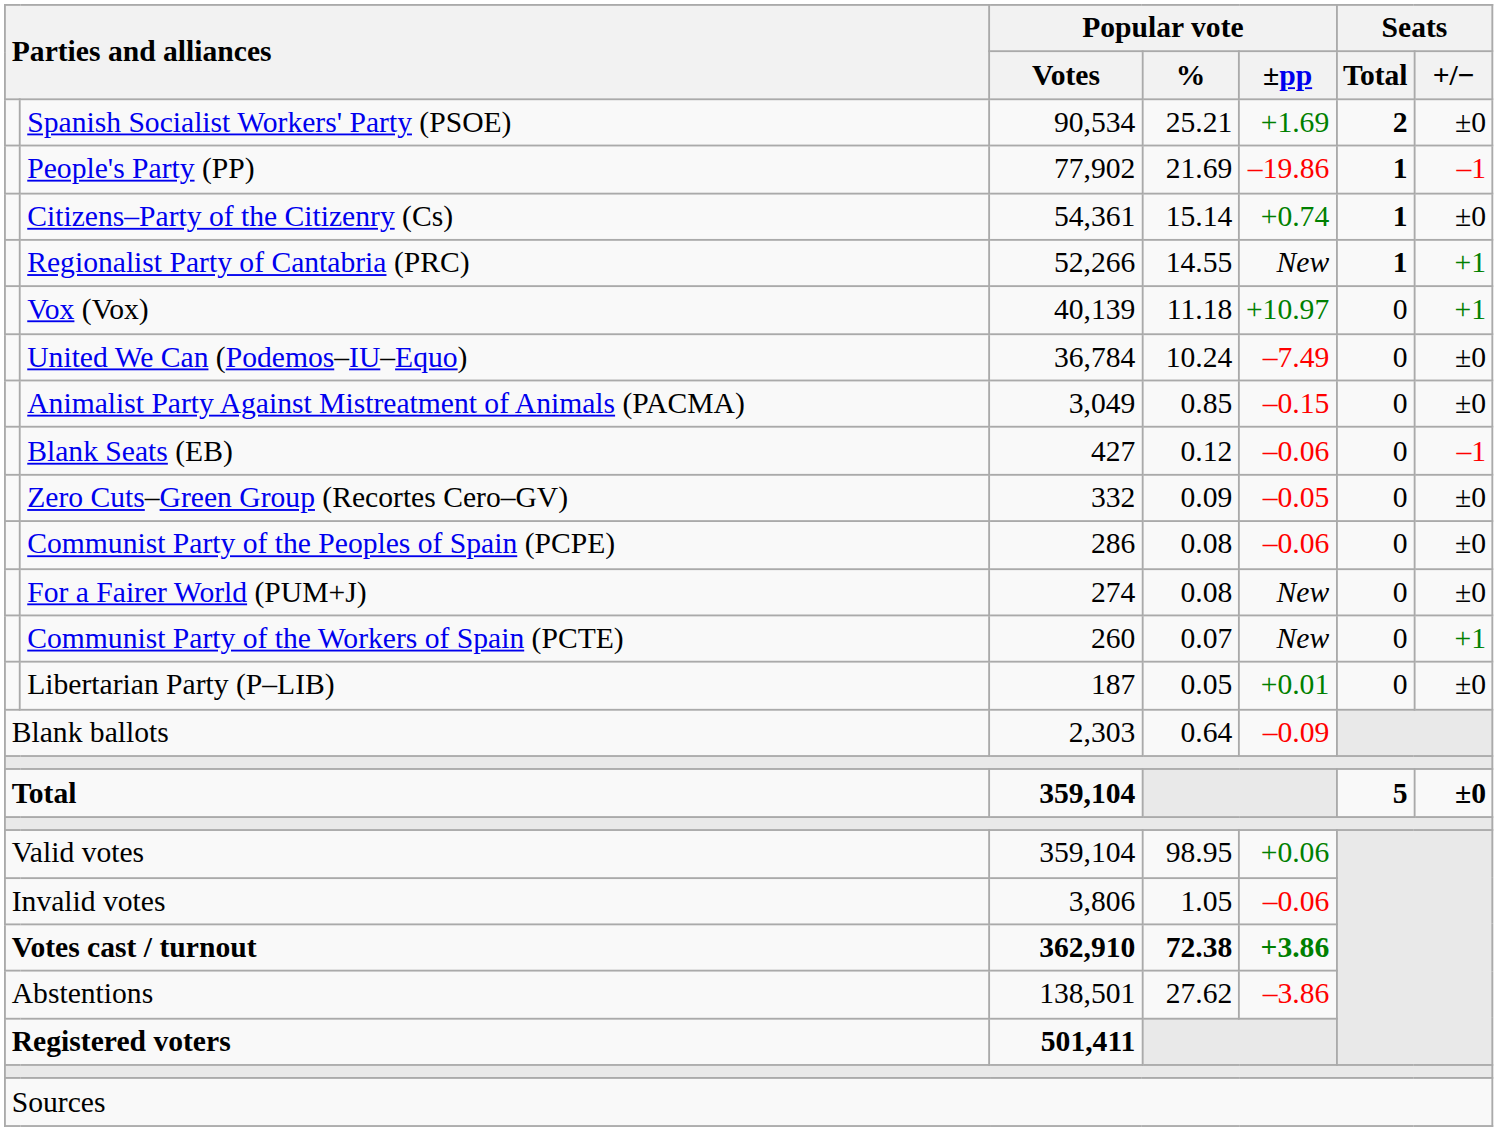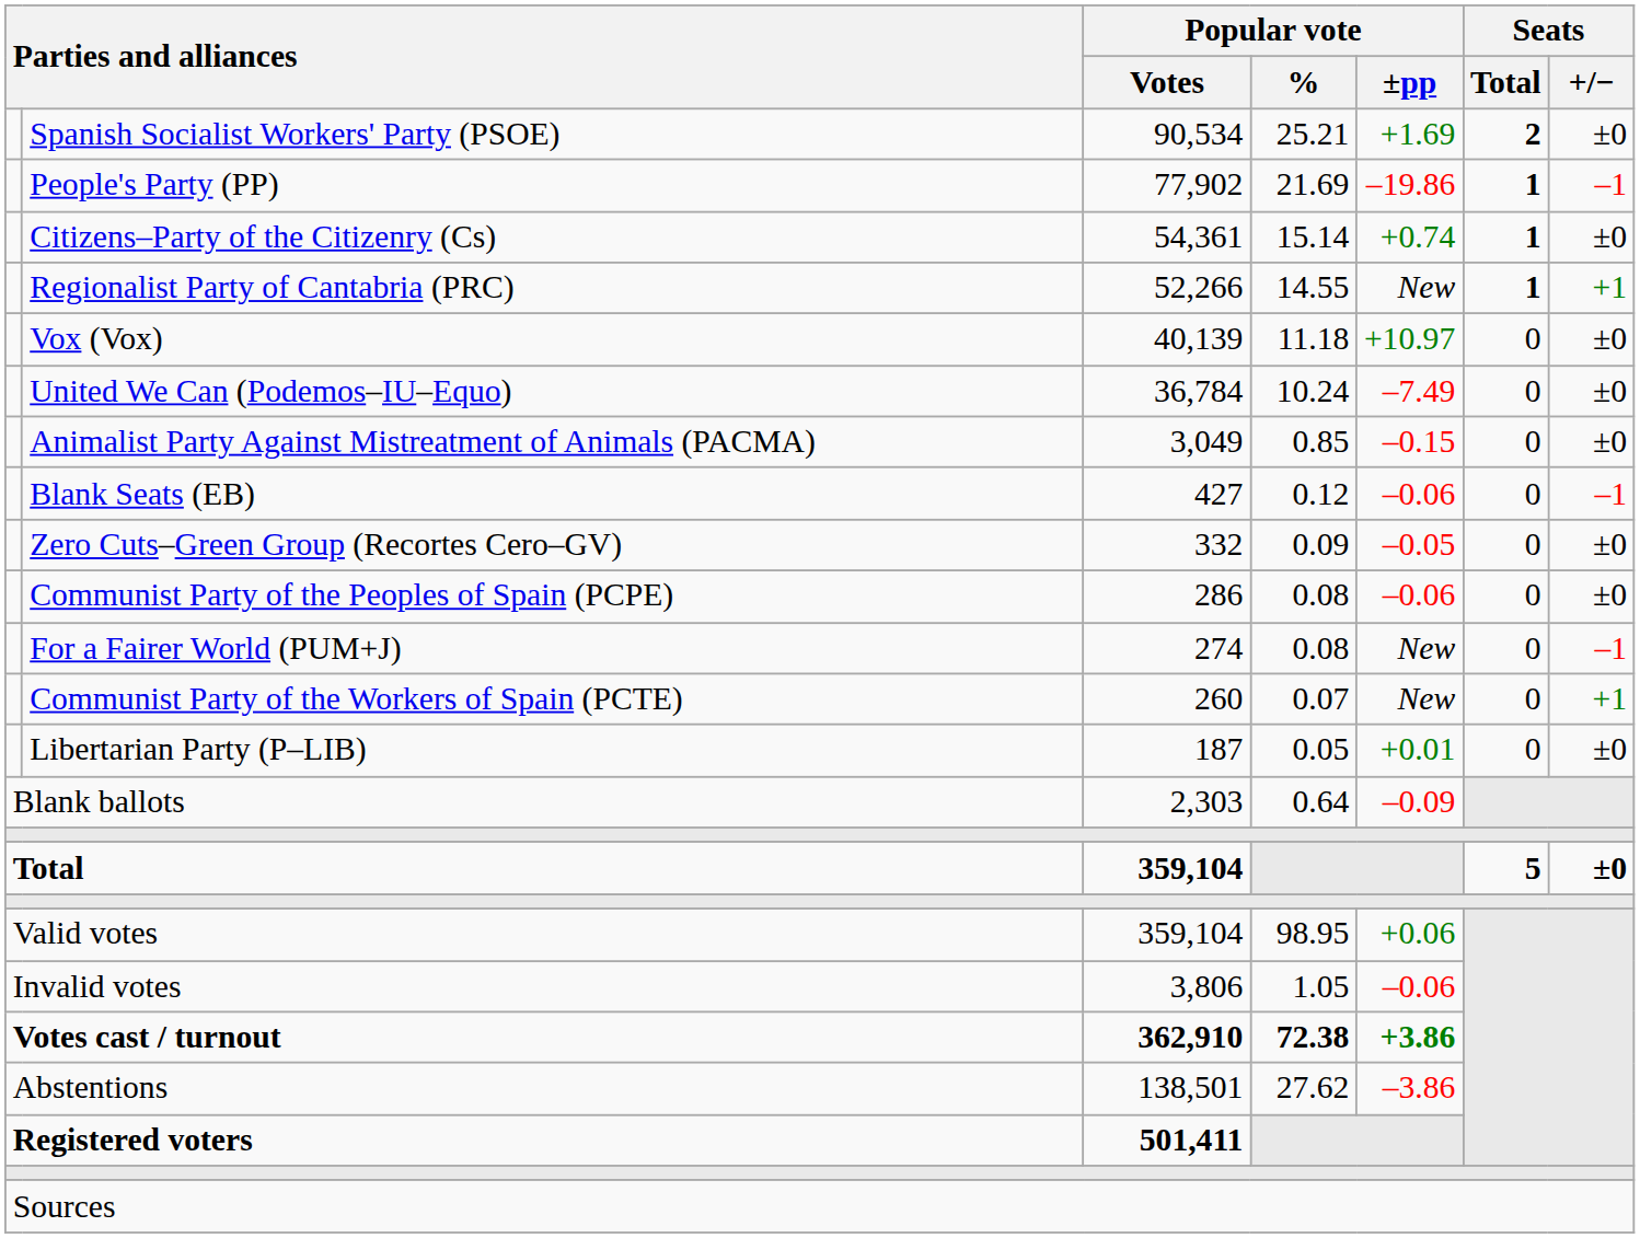 <table class="wikitable" style="text-align:right;">
 <tr>
 <th style="text-align:left;" rowspan="2" colspan="2" width="525">Parties and alliances</th>
 <th colspan="3">Popular vote</th>
 <th colspan="2">Seats</th>
 </tr>
 <tr>
 <th width="75">Votes</th>
 <th width="45">%</th>
 <th width="45">±<a href='#'>pp</a></th>
 <th width="35">Total</th>
 <th width="35">+/−</th>
 </tr>
 <tr>
 <td width="1" style="color:inherit;background:"></td>
 <td align="left"><a href='#'>Spanish Socialist Workers' Party</a> (PSOE)</td>
 <td>90,534</td>
 <td>25.21</td>
 <td style="color:green;">+1.69</td>
 <td><strong>2</strong></td>
 <td>±0</td>
 </tr>
 <tr>
 <td style="color:inherit;background:"></td>
 <td align="left"><a href='#'>People's Party</a> (PP)</td>
 <td>77,902</td>
 <td>21.69</td>
 <td style="color:red;">–19.86</td>
 <td><strong>1</strong></td>
 <td style="color:red;">–1</td>
 </tr>
 <tr>
 <td style="color:inherit;background:"></td>
 <td align="left"><a href='#'>Citizens–Party of the Citizenry</a> (Cs)</td>
 <td>54,361</td>
 <td>15.14</td>
 <td style="color:green;">+0.74</td>
 <td><strong>1</strong></td>
 <td>±0</td>
 </tr>
 <tr>
 <td style="color:inherit;background:"></td>
 <td align="left"><a href='#'>Regionalist Party of Cantabria</a> (PRC)</td>
 <td>52,266</td>
 <td>14.55</td>
 <td><em>New</em></td>
 <td><strong>1</strong></td>
 <td style="color:green;">+1</td>
 </tr>
 <tr>
 <td style="color:inherit;background:"></td>
 <td align="left"><a href='#'>Vox</a> (Vox)</td>
 <td>40,139</td>
 <td>11.18</td>
 <td style="color:green;">+10.97</td>
 <td>0</td>
-<td style="color:green;">+1</td>
+<td>±0</td>
 </tr>
 <tr>
 <td style="color:inherit;background:"></td>
 <td align="left"><a href='#'>United We Can</a> (<a href='#'>Podemos</a>–<a href='#'>IU</a>–<a href='#'>Equo</a>)</td>
 <td>36,784</td>
 <td>10.24</td>
 <td style="color:red;">–7.49</td>
 <td>0</td>
 <td>±0</td>
 </tr>
 <tr>
 <td style="color:inherit;background:"></td>
 <td align="left"><a href='#'>Animalist Party Against Mistreatment of Animals</a> (PACMA)</td>
 <td>3,049</td>
 <td>0.85</td>
 <td style="color:red;">–0.15</td>
 <td>0</td>
 <td>±0</td>
 </tr>
 <tr>
 <td style="color:inherit;background:"></td>
 <td align="left"><a href='#'>Blank Seats</a> (EB)</td>
 <td>427</td>
 <td>0.12</td>
 <td style="color:red;">–0.06</td>
 <td>0</td>
 <td style="color:red;">–1</td>
 </tr>
 <tr>
 <td style="color:inherit;background:"></td>
 <td align="left"><a href='#'>Zero Cuts</a>–<a href='#'>Green Group</a> (Recortes Cero–GV)</td>
 <td>332</td>
 <td>0.09</td>
 <td style="color:red;">–0.05</td>
 <td>0</td>
 <td>±0</td>
 </tr>
 <tr>
 <td style="color:inherit;background:"></td>
 <td align="left"><a href='#'>Communist Party of the Peoples of Spain</a> (PCPE)</td>
 <td>286</td>
 <td>0.08</td>
 <td style="color:red;">–0.06</td>
 <td>0</td>
 <td>±0</td>
 </tr>
 <tr>
 <td style="color:inherit;background:"></td>
 <td align="left"><a href='#'>For a Fairer World</a> (PUM+J)</td>
 <td>274</td>
 <td>0.08</td>
 <td><em>New</em></td>
 <td>0</td>
-<td>±0</td>
+<td style="color:red;">–1</td>
 </tr>
 <tr>
 <td style="color:inherit;background:"></td>
 <td align="left"><a href='#'>Communist Party of the Workers of Spain</a> (PCTE)</td>
 <td>260</td>
 <td>0.07</td>
 <td><em>New</em></td>
 <td>0</td>
 <td style="color:green;">+1</td>
 </tr>
 <tr>
 <td style="color:inherit;background:"></td>
 <td align="left">Libertarian Party (P–LIB)</td>
 <td>187</td>
 <td>0.05</td>
 <td style="color:green;">+0.01</td>
 <td>0</td>
 <td>±0</td>
 </tr>
 <tr>
 <td align="left" colspan="2">Blank ballots</td>
 <td>2,303</td>
 <td>0.64</td>
 <td style="color:red;">–0.09</td>
 <td bgcolor="#E9E9E9" colspan="2"></td>
 </tr>
 <tr>
 <td colspan="7" bgcolor="#E9E9E9"></td>
 </tr>
 <tr style="font-weight:bold;">
 <td align="left" colspan="2">Total</td>
 <td>359,104</td>
 <td bgcolor="#E9E9E9" colspan="2"></td>
 <td>5</td>
 <td>±0</td>
 </tr>
 <tr>
 <td colspan="7" bgcolor="#E9E9E9"></td>
 </tr>
 <tr>
 <td align="left" colspan="2">Valid votes</td>
 <td>359,104</td>
 <td>98.95</td>
 <td style="color:green;">+0.06</td>
 <td bgcolor="#E9E9E9" colspan="2" rowspan="5"></td>
 </tr>
 <tr>
 <td align="left" colspan="2">Invalid votes</td>
 <td>3,806</td>
 <td>1.05</td>
 <td style="color:red;">–0.06</td>
 </tr>
 <tr style="font-weight:bold;">
 <td align="left" colspan="2">Votes cast / turnout</td>
 <td>362,910</td>
 <td>72.38</td>
 <td style="color:green;">+3.86</td>
 </tr>
 <tr>
 <td align="left" colspan="2">Abstentions</td>
 <td>138,501</td>
 <td>27.62</td>
 <td style="color:red;">–3.86</td>
 </tr>
 <tr style="font-weight:bold;">
 <td align="left" colspan="2">Registered voters</td>
 <td>501,411</td>
 <td bgcolor="#E9E9E9" colspan="2"></td>
 </tr>
 <tr>
 <td colspan="7" bgcolor="#E9E9E9"></td>
 </tr>
 <tr>
 <td align="left" colspan="7">Sources</td>
 </tr>
 </table>
